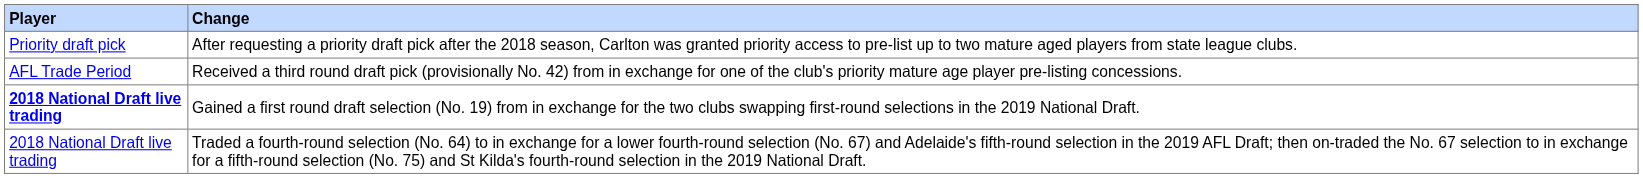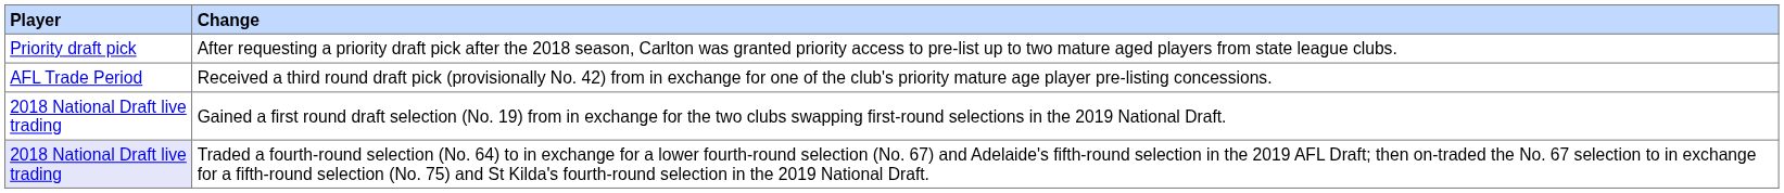 <table border="1" cellpadding="4" cellspacing="0"  style="text-align:left; font-size:95%; border-collapse:collapse; width:80%;">
 <tr style="background:#C1D8FF;">
 <th>Player</th>
 <th>Change</th>
 </tr>
 <tr>
 <td><a href='#'>Priority draft pick</a></td>
 <td>After requesting a priority draft pick after the 2018 season, Carlton was granted priority access to pre-list up to two mature aged players from state league clubs.</td>
 </tr>
 <tr>
 <td><a href='#'>AFL Trade Period</a></td>
 <td>Received a third round draft pick (provisionally No. 42) from  in exchange for one of the club's priority mature age player pre-listing concessions.</td>
 </tr>
 <tr>
-<td><strong><a href='#'>2018 National Draft live trading</a></strong></td>
+<td><a href='#'>2018 National Draft live trading</a></td>
 <td>Gained a first round draft selection (No. 19) from  in exchange for the two clubs swapping first-round selections in the 2019 National Draft.</td>
 </tr>
 <tr>
-<td><a href='#'>2018 National Draft live trading</a></td>
+<td style="background: lavender;"><a href='#'>2018 National Draft live trading</a></td>
 <td>Traded a fourth-round selection (No. 64) to  in exchange for a lower fourth-round selection (No. 67) and Adelaide's fifth-round selection in the 2019 AFL Draft; then on-traded the No. 67 selection to  in exchange for a fifth-round selection (No. 75) and St Kilda's fourth-round selection in the 2019 National Draft.</td>
 </tr>
 </table>
